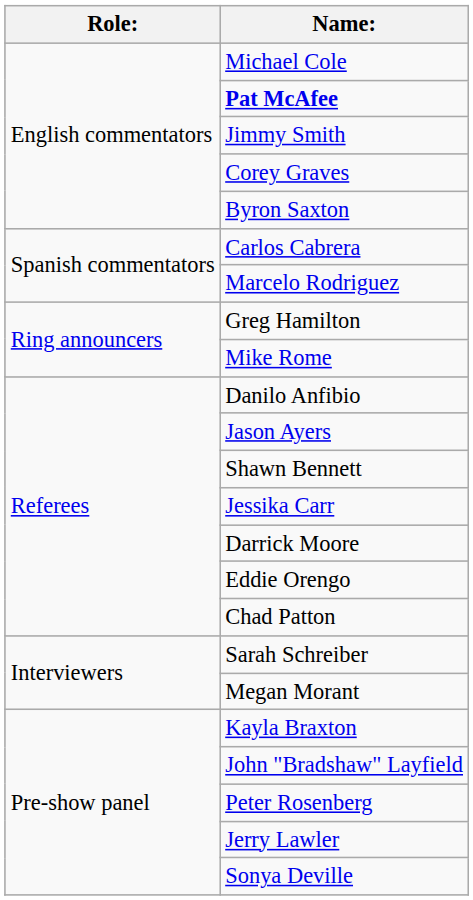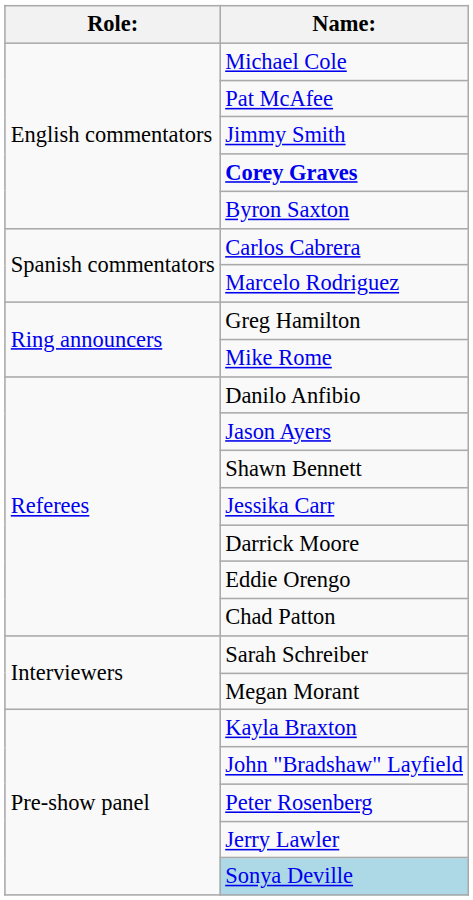 <table class=wikitable style="font-size:90%; margin: 0.5em 0 0.5em 1em; float: right; clear: right;">
 <tr>
 <th>Role:</th>
 <th>Name:</th>
 </tr>
 <tr>
 <td rowspan=5>English commentators</td>
 <td><a href='#'>Michael Cole</a> </td>
 </tr>
 <tr>
-<td><strong><a href='#'>Pat McAfee</a> </strong></td>
+<td><a href='#'>Pat McAfee</a> </td>
 </tr>
 <tr>
 <td><a href='#'>Jimmy Smith</a> </td>
 </tr>
 <tr>
-<td><a href='#'>Corey Graves</a> </td>
+<td><strong><a href='#'>Corey Graves</a> </strong></td>
 </tr>
 <tr>
 <td><a href='#'>Byron Saxton</a> </td>
 </tr>
 <tr>
 <td rowspan=2>Spanish commentators</td>
 <td><a href='#'>Carlos Cabrera</a></td>
 </tr>
 <tr>
 <td><a href='#'>Marcelo Rodriguez</a></td>
 </tr>
 <tr>
 <td rowspan=2><a href='#'>Ring announcers</a></td>
 <td>Greg Hamilton </td>
 </tr>
 <tr>
 <td><a href='#'>Mike Rome</a> </td>
 </tr>
 <tr>
 <td rowspan=7><a href='#'>Referees</a></td>
 <td>Danilo Anfibio</td>
 </tr>
 <tr>
 <td><a href='#'>Jason Ayers</a></td>
 </tr>
 <tr>
 <td>Shawn Bennett</td>
 </tr>
 <tr>
 <td><a href='#'>Jessika Carr</a></td>
 </tr>
 <tr>
 <td>Darrick Moore</td>
 </tr>
 <tr>
 <td>Eddie Orengo</td>
 </tr>
 <tr>
 <td>Chad Patton</td>
 </tr>
 <tr>
 <td rowspan=2>Interviewers</td>
 <td>Sarah Schreiber</td>
 </tr>
 <tr>
 <td>Megan Morant</td>
 </tr>
 <tr>
 <td rowspan="5">Pre-show panel</td>
 <td><a href='#'>Kayla Braxton</a></td>
 </tr>
 <tr>
 <td><a href='#'>John "Bradshaw" Layfield</a></td>
 </tr>
 <tr>
 <td><a href='#'>Peter Rosenberg</a></td>
 </tr>
 <tr>
 <td><a href='#'>Jerry Lawler</a></td>
 </tr>
 <tr>
-<td><a href='#'>Sonya Deville</a></td>
+<td style="background: lightblue;"><a href='#'>Sonya Deville</a></td>
 </tr>
 </table>
